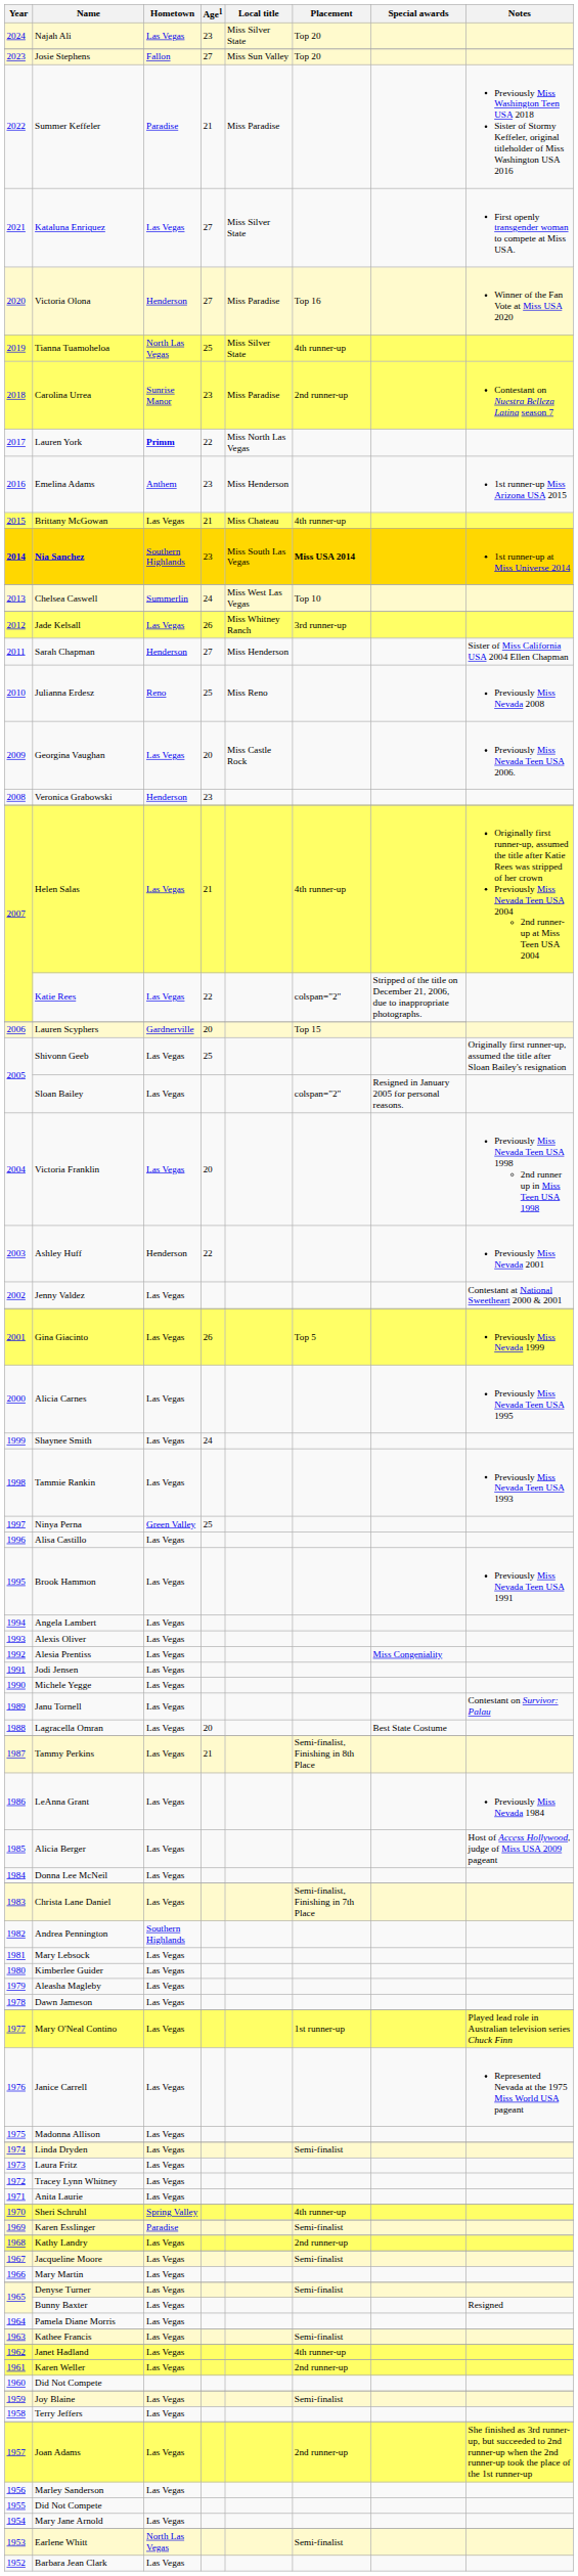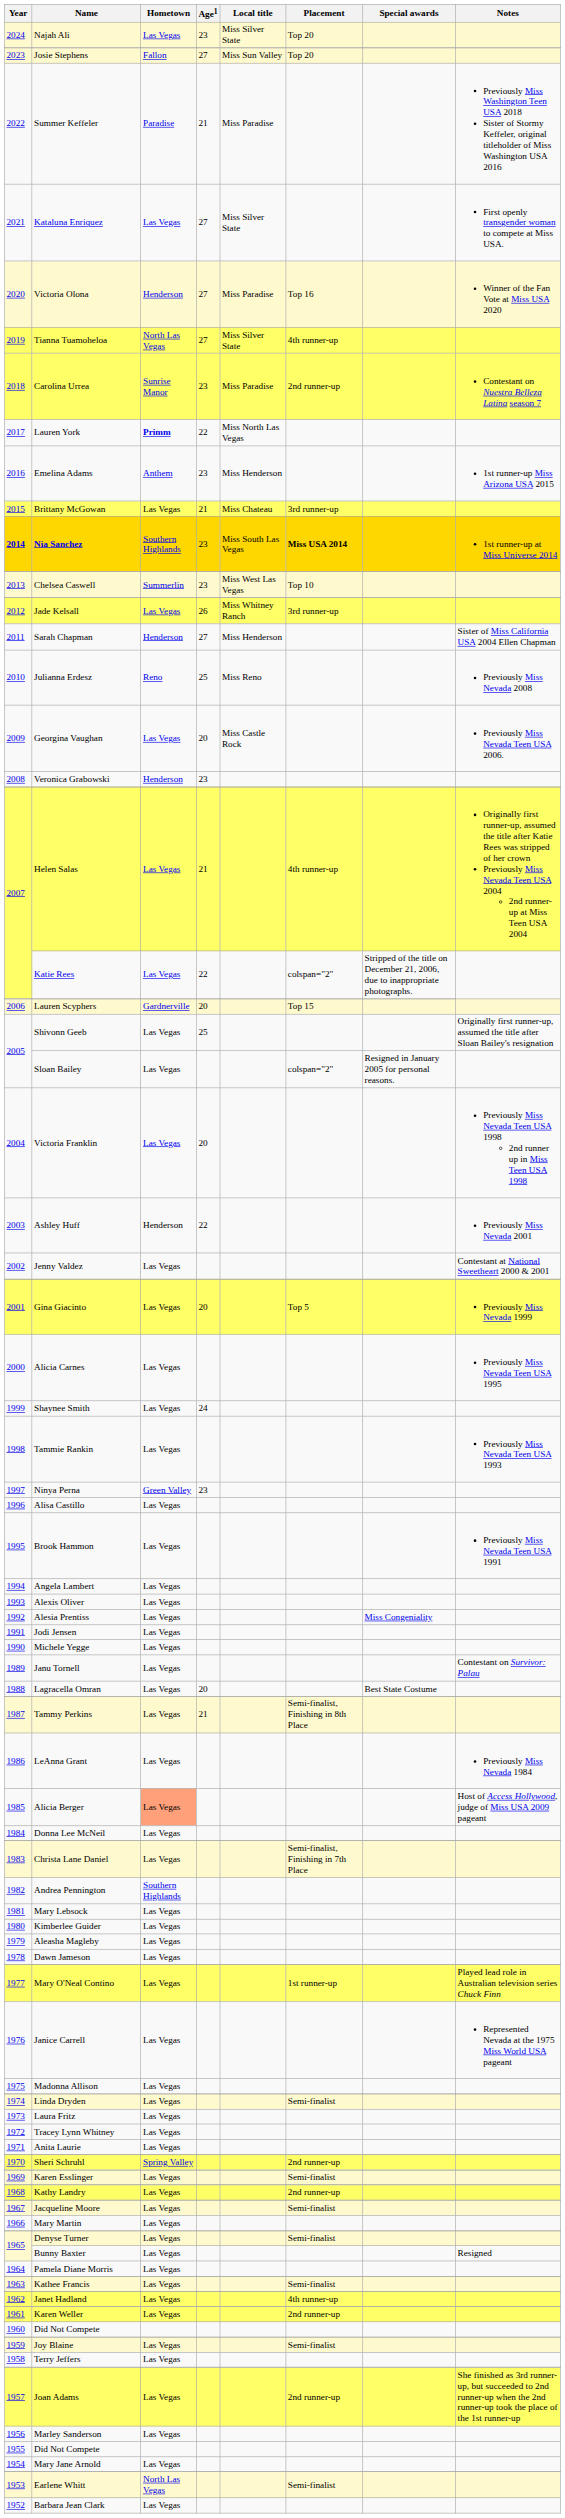 <table class="wikitable"style="font-size:90%;">
 <tr bgcolor="#efefef">
 <th width=5%>Year</th>
 <th width=20%>Name</th>
 <th width=10%>Hometown</th>
 <th width=3%>Age<sup>1</sup></th>
 <th width=12%>Local title</th>
 <th width=14%>Placement</th>
 <th width=17%>Special awards</th>
 <th width=31%>Notes</th>
 </tr>
 <tr style="background-color:#FFFACD;”">
 <td><a href='#'>2024</a></td>
 <td>Najah Ali</td>
 <td><a href='#'>Las Vegas</a></td>
 <td>23</td>
 <td>Miss Silver State</td>
 <td>Top 20</td>
 <td></td>
 <td></td>
 </tr>
 <tr>
 </tr>
 <tr style="background-color:#FFFACD;">
 <td><a href='#'>2023</a></td>
 <td>Josie Stephens</td>
 <td><a href='#'>Fallon</a></td>
 <td>27</td>
 <td>Miss Sun Valley</td>
 <td>Top 20</td>
 <td></td>
 <td></td>
 </tr>
 <tr>
 <td><a href='#'>2022</a></td>
 <td>Summer Keffeler</td>
 <td><a href='#'>Paradise</a></td>
 <td>21</td>
 <td>Miss Paradise</td>
 <td></td>
 <td></td>
 <td><br><ul><li>Previously <a href='#'>Miss Washington Teen USA</a> 2018</li><li>Sister of Stormy Keffeler, original titleholder of Miss Washington USA 2016</li></ul></td>
 </tr>
 <tr>
 <td><a href='#'>2021</a></td>
 <td><a href='#'>Kataluna Enriquez</a></td>
 <td><a href='#'>Las Vegas</a></td>
 <td>27</td>
 <td>Miss Silver State</td>
 <td></td>
 <td></td>
 <td><br><ul><li>First openly <a href='#'>transgender woman</a> to compete at Miss USA.</li></ul></td>
 </tr>
 <tr style="background-color:#FFFACD;">
 <td><a href='#'>2020</a></td>
 <td>Victoria Olona</td>
 <td><a href='#'>Henderson</a></td>
 <td>27</td>
 <td>Miss Paradise</td>
 <td>Top 16</td>
 <td></td>
 <td><br><ul><li>Winner of the Fan Vote at <a href='#'>Miss USA</a> 2020</li></ul></td>
 </tr>
 <tr style="background-color:#FFFF66;">
 <td><a href='#'>2019</a></td>
 <td>Tianna Tuamoheloa</td>
 <td><a href='#'>North Las Vegas</a></td>
-<td>25</td>
+<td>27</td>
 <td>Miss Silver State</td>
 <td>4th runner-up</td>
 <td></td>
 <td></td>
 </tr>
 <tr style="background-color:#FFFF66;">
 <td><a href='#'>2018</a></td>
 <td>Carolina Urrea</td>
 <td><a href='#'>Sunrise Manor</a></td>
 <td>23</td>
 <td>Miss Paradise</td>
 <td>2nd runner-up</td>
 <td></td>
 <td><br><ul><li>Contestant on <em><a href='#'>Nuestra Belleza Latina</a></em> <a href='#'>season 7</a></li></ul></td>
 </tr>
 <tr>
 <td><a href='#'>2017</a></td>
 <td>Lauren York</td>
 <td><strong><a href='#'>Primm</a></strong></td>
 <td>22</td>
 <td>Miss North Las Vegas</td>
 <td></td>
 <td></td>
 <td></td>
 </tr>
 <tr>
 <td><a href='#'>2016</a></td>
 <td>Emelina Adams</td>
 <td><a href='#'>Anthem</a></td>
 <td>23</td>
 <td>Miss Henderson</td>
 <td></td>
 <td></td>
 <td><br><ul><li>1st runner-up <a href='#'>Miss Arizona USA</a> 2015</li></ul></td>
 </tr>
 <tr style="background-color:#FFFF66;">
 <td><a href='#'>2015</a></td>
 <td>Brittany McGowan</td>
 <td>Las Vegas</td>
 <td>21</td>
 <td>Miss Chateau</td>
-<td>4th runner-up</td>
+<td>3rd runner-up</td>
 <td></td>
 <td></td>
 </tr>
 <tr style="background-color:GOLD;">
 <td><strong><a href='#'>2014</a></strong></td>
 <td><strong><a href='#'>Nia Sanchez</a></strong></td>
 <td><a href='#'>Southern Highlands</a></td>
 <td>23</td>
 <td>Miss South Las Vegas</td>
 <td><strong>Miss USA 2014</strong></td>
 <td></td>
 <td><br><ul><li>1st runner-up at <a href='#'>Miss Universe 2014</a></li></ul></td>
 </tr>
 <tr>
 </tr>
 <tr style="background-color:#FFFACD;">
 <td><a href='#'>2013</a></td>
 <td>Chelsea Caswell</td>
 <td><a href='#'>Summerlin</a></td>
-<td>24</td>
+<td>23</td>
 <td>Miss West Las Vegas</td>
 <td>Top 10</td>
 <td></td>
 <td></td>
 </tr>
 <tr>
 </tr>
 <tr style="background-color:#FFFF66;">
 <td><a href='#'>2012</a></td>
 <td>Jade Kelsall</td>
 <td><a href='#'>Las Vegas</a></td>
 <td>26</td>
 <td>Miss Whitney Ranch</td>
 <td>3rd runner-up</td>
 <td></td>
 <td></td>
 </tr>
 <tr>
 <td><a href='#'>2011</a></td>
 <td>Sarah Chapman</td>
 <td><a href='#'>Henderson</a></td>
 <td>27</td>
 <td>Miss Henderson</td>
 <td></td>
 <td></td>
 <td>Sister of <a href='#'>Miss California USA</a> 2004 Ellen Chapman</td>
 </tr>
 <tr>
 <td><a href='#'>2010</a></td>
 <td>Julianna Erdesz</td>
 <td><a href='#'>Reno</a></td>
 <td>25</td>
 <td>Miss Reno</td>
 <td></td>
 <td></td>
 <td><br><ul><li>Previously <a href='#'>Miss Nevada</a> 2008</li></ul></td>
 </tr>
 <tr>
 <td><a href='#'>2009</a></td>
 <td>Georgina Vaughan</td>
 <td><a href='#'>Las Vegas</a></td>
 <td>20</td>
 <td>Miss Castle Rock</td>
 <td></td>
 <td></td>
 <td><br><ul><li>Previously <a href='#'>Miss Nevada Teen USA</a> 2006.</li></ul></td>
 </tr>
 <tr>
 <td><a href='#'>2008</a></td>
 <td>Veronica Grabowski</td>
 <td><a href='#'>Henderson</a></td>
 <td>23</td>
 <td></td>
 <td></td>
 <td></td>
 <td></td>
 </tr>
 <tr>
 </tr>
 <tr style="background-color:#FFFF66;">
 <td rowspan=2><a href='#'>2007</a></td>
 <td>Helen Salas</td>
 <td><a href='#'>Las Vegas</a></td>
 <td>21</td>
 <td></td>
 <td>4th runner-up</td>
 <td></td>
 <td><br><ul><li>Originally first runner-up, assumed the title after Katie Rees was stripped of her crown</li><li>Previously <a href='#'>Miss Nevada Teen USA</a> 2004<ul><li>2nd runner-up at Miss Teen USA 2004</li></ul></li></ul></td>
 </tr>
 <tr>
 <td><a href='#'>Katie Rees</a></td>
 <td><a href='#'>Las Vegas</a></td>
 <td>22</td>
 <td></td>
 <td>colspan="2" </td>
 <td>Stripped of the title on December 21, 2006, due to inappropriate photographs.</td>
 </tr>
 <tr>
 </tr>
 <tr style="background-color:#FFFACD;">
 <td><a href='#'>2006</a></td>
 <td>Lauren Scyphers</td>
 <td><a href='#'>Gardnerville</a></td>
 <td>20</td>
 <td></td>
 <td>Top 15</td>
 <td></td>
 <td></td>
 </tr>
 <tr>
 <td rowspan=2><a href='#'>2005</a></td>
 <td>Shivonn Geeb</td>
 <td>Las Vegas</td>
 <td>25</td>
 <td></td>
 <td></td>
 <td></td>
 <td>Originally first runner-up, assumed the title after Sloan Bailey's resignation</td>
 </tr>
 <tr>
 <td>Sloan Bailey</td>
 <td>Las Vegas</td>
 <td></td>
 <td></td>
 <td>colspan="2" </td>
 <td>Resigned in January 2005 for personal reasons.</td>
 </tr>
 <tr>
 <td><a href='#'>2004</a></td>
 <td>Victoria Franklin</td>
 <td><a href='#'>Las Vegas</a></td>
 <td>20</td>
 <td></td>
 <td></td>
 <td></td>
 <td><br><ul><li>Previously <a href='#'>Miss Nevada Teen USA</a> 1998<ul><li>2nd runner up in <a href='#'>Miss Teen USA 1998</a></li></ul></li></ul></td>
 </tr>
 <tr>
 <td><a href='#'>2003</a></td>
 <td>Ashley Huff</td>
 <td>Henderson</td>
 <td>22</td>
 <td></td>
 <td></td>
 <td></td>
 <td><br><ul><li>Previously <a href='#'>Miss Nevada</a> 2001</li></ul></td>
 </tr>
 <tr>
 <td><a href='#'>2002</a></td>
 <td>Jenny Valdez</td>
 <td>Las Vegas</td>
 <td></td>
 <td></td>
 <td></td>
 <td></td>
 <td>Contestant at <a href='#'>National Sweetheart</a> 2000 & 2001</td>
 </tr>
 <tr>
 </tr>
 <tr style="background-color:#FFFF66;">
 <td><a href='#'>2001</a></td>
 <td>Gina Giacinto</td>
 <td>Las Vegas</td>
-<td>26</td>
+<td>20</td>
 <td></td>
 <td>Top 5</td>
 <td></td>
 <td><br><ul><li>Previously <a href='#'>Miss Nevada</a> 1999</li></ul></td>
 </tr>
 <tr>
 <td><a href='#'>2000</a></td>
 <td>Alicia Carnes</td>
 <td>Las Vegas</td>
 <td></td>
 <td></td>
 <td></td>
 <td></td>
 <td><br><ul><li>Previously <a href='#'>Miss Nevada Teen USA</a> 1995</li></ul></td>
 </tr>
 <tr>
 <td><a href='#'>1999</a></td>
 <td>Shaynee Smith</td>
 <td>Las Vegas</td>
 <td>24</td>
 <td></td>
 <td></td>
 <td></td>
 <td></td>
 </tr>
 <tr>
 <td><a href='#'>1998</a></td>
 <td>Tammie Rankin</td>
 <td>Las Vegas</td>
 <td></td>
 <td></td>
 <td></td>
 <td></td>
 <td><br><ul><li>Previously <a href='#'>Miss Nevada Teen USA</a> 1993</li></ul></td>
 </tr>
 <tr>
 <td><a href='#'>1997</a></td>
 <td>Ninya Perna</td>
 <td><a href='#'>Green Valley</a></td>
-<td>25</td>
+<td>23</td>
 <td></td>
 <td></td>
 <td></td>
 <td></td>
 </tr>
 <tr>
 <td><a href='#'>1996</a></td>
 <td>Alisa Castillo</td>
 <td>Las Vegas</td>
 <td></td>
 <td></td>
 <td></td>
 <td></td>
 <td></td>
 </tr>
 <tr>
 <td><a href='#'>1995</a></td>
 <td>Brook Hammon</td>
 <td>Las Vegas</td>
 <td></td>
 <td></td>
 <td></td>
 <td></td>
 <td><br><ul><li>Previously <a href='#'>Miss Nevada Teen USA</a> 1991</li></ul></td>
 </tr>
 <tr>
 <td><a href='#'>1994</a></td>
 <td>Angela Lambert</td>
 <td>Las Vegas</td>
 <td></td>
 <td></td>
 <td></td>
 <td></td>
 <td></td>
 </tr>
 <tr>
 <td><a href='#'>1993</a></td>
 <td>Alexis Oliver</td>
 <td>Las Vegas</td>
 <td></td>
 <td></td>
 <td></td>
 <td></td>
 <td></td>
 </tr>
 <tr>
 <td><a href='#'>1992</a></td>
 <td>Alesia Prentiss</td>
 <td>Las Vegas</td>
 <td></td>
 <td></td>
 <td></td>
 <td><a href='#'>Miss Congeniality</a></td>
 <td></td>
 </tr>
 <tr>
 <td><a href='#'>1991</a></td>
 <td>Jodi Jensen</td>
 <td>Las Vegas</td>
 <td></td>
 <td></td>
 <td></td>
 <td></td>
 <td></td>
 </tr>
 <tr>
 <td><a href='#'>1990</a></td>
 <td>Michele Yegge</td>
 <td>Las Vegas</td>
 <td></td>
 <td></td>
 <td></td>
 <td></td>
 <td></td>
 </tr>
 <tr>
 <td><a href='#'>1989</a></td>
 <td>Janu Tornell</td>
 <td>Las Vegas</td>
 <td></td>
 <td></td>
 <td></td>
 <td></td>
 <td>Contestant on <em><a href='#'>Survivor: Palau</a></em></td>
 </tr>
 <tr>
 <td><a href='#'>1988</a></td>
 <td>Lagracella Omran</td>
 <td>Las Vegas</td>
 <td>20</td>
 <td></td>
 <td></td>
 <td>Best State Costume</td>
 <td></td>
 </tr>
 <tr>
 </tr>
 <tr style="background-color:#FFFACD;">
 <td><a href='#'>1987</a></td>
 <td>Tammy Perkins</td>
 <td>Las Vegas</td>
 <td>21</td>
 <td></td>
 <td>Semi-finalist, Finishing in 8th Place</td>
 <td></td>
 <td></td>
 </tr>
 <tr>
 <td><a href='#'>1986</a></td>
 <td>LeAnna Grant</td>
 <td>Las Vegas</td>
 <td></td>
 <td></td>
 <td></td>
 <td></td>
 <td><br><ul><li>Previously <a href='#'>Miss Nevada</a> 1984</li></ul></td>
 </tr>
 <tr>
 <td><a href='#'>1985</a></td>
 <td>Alicia Berger</td>
-<td>Las Vegas</td>
+<td style="background: lightsalmon;">Las Vegas</td>
 <td></td>
 <td></td>
 <td></td>
 <td></td>
 <td>Host of <em><a href='#'>Access Hollywood</a></em>, judge of <a href='#'>Miss USA 2009</a> pageant</td>
 </tr>
 <tr>
 <td><a href='#'>1984</a></td>
 <td>Donna Lee McNeil</td>
 <td>Las Vegas</td>
 <td></td>
 <td></td>
 <td></td>
 <td></td>
 <td></td>
 </tr>
 <tr>
 </tr>
 <tr style="background-color:#FFFACD;">
 <td><a href='#'>1983</a></td>
 <td>Christa Lane Daniel</td>
 <td>Las Vegas</td>
 <td></td>
 <td></td>
 <td>Semi-finalist, Finishing in 7th Place</td>
 <td></td>
 <td></td>
 </tr>
 <tr>
 <td><a href='#'>1982</a></td>
 <td>Andrea Pennington</td>
 <td><a href='#'>Southern Highlands</a></td>
 <td></td>
 <td></td>
 <td></td>
 <td></td>
 <td></td>
 </tr>
 <tr>
 <td><a href='#'>1981</a></td>
 <td>Mary Lebsock</td>
 <td>Las Vegas</td>
 <td></td>
 <td></td>
 <td></td>
 <td></td>
 <td></td>
 </tr>
 <tr>
 <td><a href='#'>1980</a></td>
 <td>Kimberlee Guider</td>
 <td>Las Vegas</td>
 <td></td>
 <td></td>
 <td></td>
 <td></td>
 <td></td>
 </tr>
 <tr>
 <td><a href='#'>1979</a></td>
 <td>Aleasha Magleby</td>
 <td>Las Vegas</td>
 <td></td>
 <td></td>
 <td></td>
 <td></td>
 <td></td>
 </tr>
 <tr>
 <td><a href='#'>1978</a></td>
 <td>Dawn Jameson</td>
 <td>Las Vegas</td>
 <td></td>
 <td></td>
 <td></td>
 <td></td>
 <td></td>
 </tr>
 <tr>
 </tr>
 <tr style="background-color:#FFFF66;">
 <td><a href='#'>1977</a></td>
 <td>Mary O'Neal Contino</td>
 <td>Las Vegas</td>
 <td></td>
 <td></td>
 <td>1st runner-up</td>
 <td></td>
 <td>Played lead role in Australian television series <em>Chuck Finn</em></td>
 </tr>
 <tr>
 <td><a href='#'>1976</a></td>
 <td>Janice Carrell</td>
 <td>Las Vegas</td>
 <td></td>
 <td></td>
 <td></td>
 <td></td>
 <td><br><ul><li>Represented Nevada at the 1975 <a href='#'>Miss World USA</a> pageant</li></ul></td>
 </tr>
 <tr>
 <td><a href='#'>1975</a></td>
 <td>Madonna Allison</td>
 <td>Las Vegas</td>
 <td></td>
 <td></td>
 <td></td>
 <td></td>
 <td></td>
 </tr>
 <tr>
 </tr>
 <tr style="background-color:#FFFACD;">
 <td><a href='#'>1974</a></td>
 <td>Linda Dryden</td>
 <td>Las Vegas</td>
 <td></td>
 <td></td>
 <td>Semi-finalist</td>
 <td></td>
 <td></td>
 </tr>
 <tr>
 <td><a href='#'>1973</a></td>
 <td>Laura Fritz</td>
 <td>Las Vegas</td>
 <td></td>
 <td></td>
 <td></td>
 <td></td>
 <td></td>
 </tr>
 <tr>
 <td><a href='#'>1972</a></td>
 <td>Tracey Lynn Whitney</td>
 <td>Las Vegas</td>
 <td></td>
 <td></td>
 <td></td>
 <td></td>
 <td></td>
 </tr>
 <tr>
 <td><a href='#'>1971</a></td>
 <td>Anita Laurie</td>
 <td>Las Vegas</td>
 <td></td>
 <td></td>
 <td></td>
 <td></td>
 <td></td>
 </tr>
 <tr>
 </tr>
 <tr style="background-color:#FFFF66;">
 <td><a href='#'>1970</a></td>
 <td>Sheri Schruhl</td>
 <td><a href='#'>Spring Valley</a></td>
 <td></td>
 <td></td>
-<td>4th runner-up</td>
+<td>2nd runner-up</td>
 <td></td>
 <td></td>
 </tr>
 <tr>
 </tr>
 <tr style="background-color:#FFFACD;">
 <td><a href='#'>1969</a></td>
 <td>Karen Esslinger</td>
-<td><a href='#'>Paradise</a></td>
+<td>Las Vegas</td>
 <td></td>
 <td></td>
 <td>Semi-finalist</td>
 <td></td>
 <td></td>
 </tr>
 <tr>
 </tr>
 <tr style="background-color:#FFFF66;">
 <td><a href='#'>1968</a></td>
 <td>Kathy Landry</td>
 <td>Las Vegas</td>
 <td></td>
 <td></td>
 <td>2nd runner-up</td>
 <td></td>
 <td></td>
 </tr>
 <tr>
 </tr>
 <tr style="background-color:#FFFACD;">
 <td><a href='#'>1967</a></td>
 <td>Jacqueline Moore</td>
 <td>Las Vegas</td>
 <td></td>
 <td></td>
 <td>Semi-finalist</td>
 <td></td>
 <td></td>
 </tr>
 <tr>
 <td><a href='#'>1966</a></td>
 <td>Mary Martin</td>
 <td>Las Vegas</td>
 <td></td>
 <td></td>
 <td></td>
 <td></td>
 <td></td>
 </tr>
 <tr>
 </tr>
 <tr style="background-color:#FFFACD;">
 <td rowspan=2><a href='#'>1965</a></td>
 <td>Denyse Turner</td>
 <td>Las Vegas</td>
 <td></td>
 <td></td>
 <td>Semi-finalist</td>
 <td></td>
 <td></td>
 </tr>
 <tr>
 <td>Bunny Baxter</td>
 <td>Las Vegas</td>
 <td></td>
 <td></td>
 <td></td>
 <td></td>
 <td>Resigned</td>
 </tr>
 <tr>
 <td><a href='#'>1964</a></td>
 <td>Pamela Diane Morris</td>
 <td>Las Vegas</td>
 <td></td>
 <td></td>
 <td></td>
 <td></td>
 <td></td>
 </tr>
 <tr>
 </tr>
 <tr style="background-color:#FFFACD;">
 <td><a href='#'>1963</a></td>
 <td>Kathee Francis</td>
 <td>Las Vegas</td>
 <td></td>
 <td></td>
 <td>Semi-finalist</td>
 <td></td>
 <td></td>
 </tr>
 <tr>
 </tr>
 <tr style="background-color:#FFFF66;">
 <td><a href='#'>1962</a></td>
 <td>Janet Hadland</td>
 <td>Las Vegas</td>
 <td></td>
 <td></td>
 <td>4th runner-up</td>
 <td></td>
 <td></td>
 </tr>
 <tr>
 </tr>
 <tr style="background-color:#FFFF66;">
 <td><a href='#'>1961</a></td>
 <td>Karen Weller</td>
 <td>Las Vegas</td>
 <td></td>
 <td></td>
 <td>2nd runner-up</td>
 <td></td>
 <td></td>
 </tr>
 <tr>
 <td><a href='#'>1960</a></td>
 <td>Did Not Compete</td>
 <td></td>
 <td></td>
 <td></td>
 <td></td>
 <td></td>
 <td></td>
 </tr>
 <tr>
 </tr>
 <tr style="background-color:#FFFACD;">
 <td><a href='#'>1959</a></td>
 <td>Joy Blaine</td>
 <td>Las Vegas</td>
 <td></td>
 <td></td>
 <td>Semi-finalist</td>
 <td></td>
 <td></td>
 </tr>
 <tr>
 <td><a href='#'>1958</a></td>
 <td>Terry Jeffers</td>
 <td>Las Vegas</td>
 <td></td>
 <td></td>
 <td></td>
 <td></td>
 <td></td>
 </tr>
 <tr>
 </tr>
 <tr style="background-color:#FFFF66;">
 <td><a href='#'>1957</a></td>
 <td>Joan Adams</td>
 <td>Las Vegas</td>
 <td></td>
 <td></td>
 <td>2nd runner-up</td>
 <td></td>
 <td>She finished as 3rd runner-up, but succeeded to 2nd runner-up when the 2nd runner-up took the place of the 1st runner-up</td>
 </tr>
 <tr>
 <td><a href='#'>1956</a></td>
 <td>Marley Sanderson</td>
 <td>Las Vegas</td>
 <td></td>
 <td></td>
 <td></td>
 <td></td>
 <td></td>
 </tr>
 <tr>
 <td><a href='#'>1955</a></td>
 <td>Did Not Compete</td>
 <td></td>
 <td></td>
 <td></td>
 <td></td>
 <td></td>
 <td></td>
 </tr>
 <tr>
 <td><a href='#'>1954</a></td>
 <td>Mary Jane Arnold</td>
 <td>Las Vegas</td>
 <td></td>
 <td></td>
 <td></td>
 <td></td>
 <td></td>
 </tr>
 <tr>
 </tr>
 <tr style="background-color:#FFFACD;">
 <td><a href='#'>1953</a></td>
 <td>Earlene Whitt</td>
 <td><a href='#'>North Las Vegas</a></td>
 <td></td>
 <td></td>
 <td>Semi-finalist</td>
 <td></td>
 <td></td>
 </tr>
 <tr>
 <td><a href='#'>1952</a></td>
 <td>Barbara Jean Clark</td>
 <td>Las Vegas</td>
 <td></td>
 <td></td>
 <td></td>
 <td></td>
 <td></td>
 </tr>
 </table>
